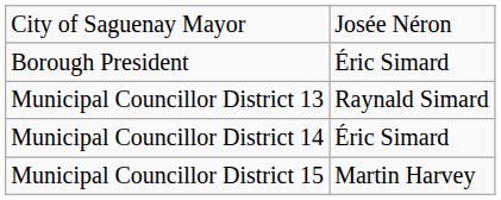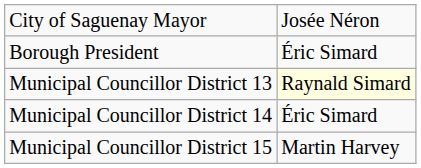 <table class="wikitable">
 <tr>
 <td>City of Saguenay Mayor</td>
 <td>Josée Néron</td>
 </tr>
 <tr>
 <td>Borough President</td>
 <td>Éric Simard</td>
 </tr>
 <tr>
 <td>Municipal Councillor District 13</td>
-<td>Raynald Simard</td>
+<td style="background: lightyellow;">Raynald Simard</td>
 </tr>
 <tr>
 <td>Municipal Councillor District 14</td>
 <td>Éric Simard</td>
 </tr>
 <tr>
 <td>Municipal Councillor District 15</td>
 <td>Martin Harvey</td>
 </tr>
 </table>
